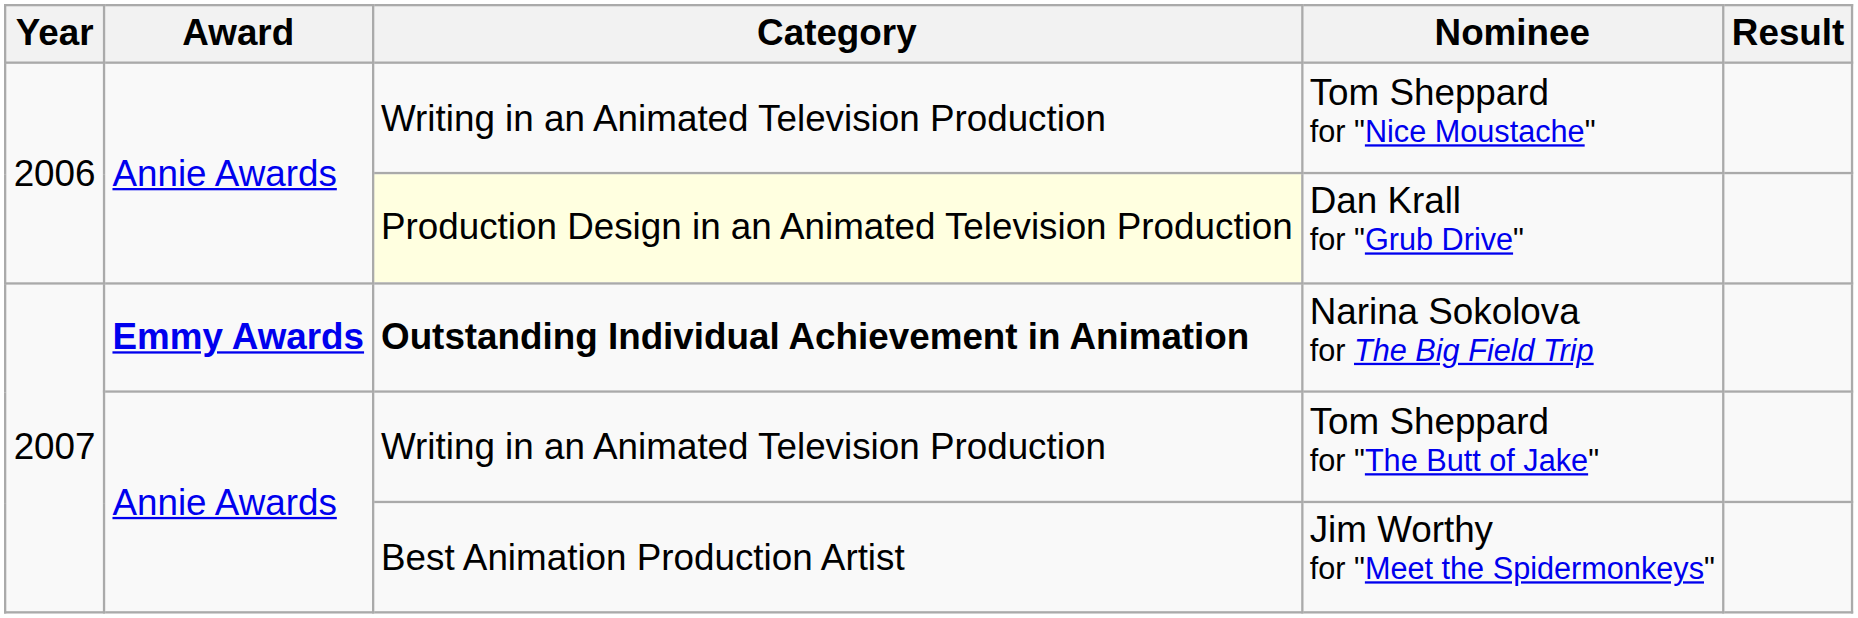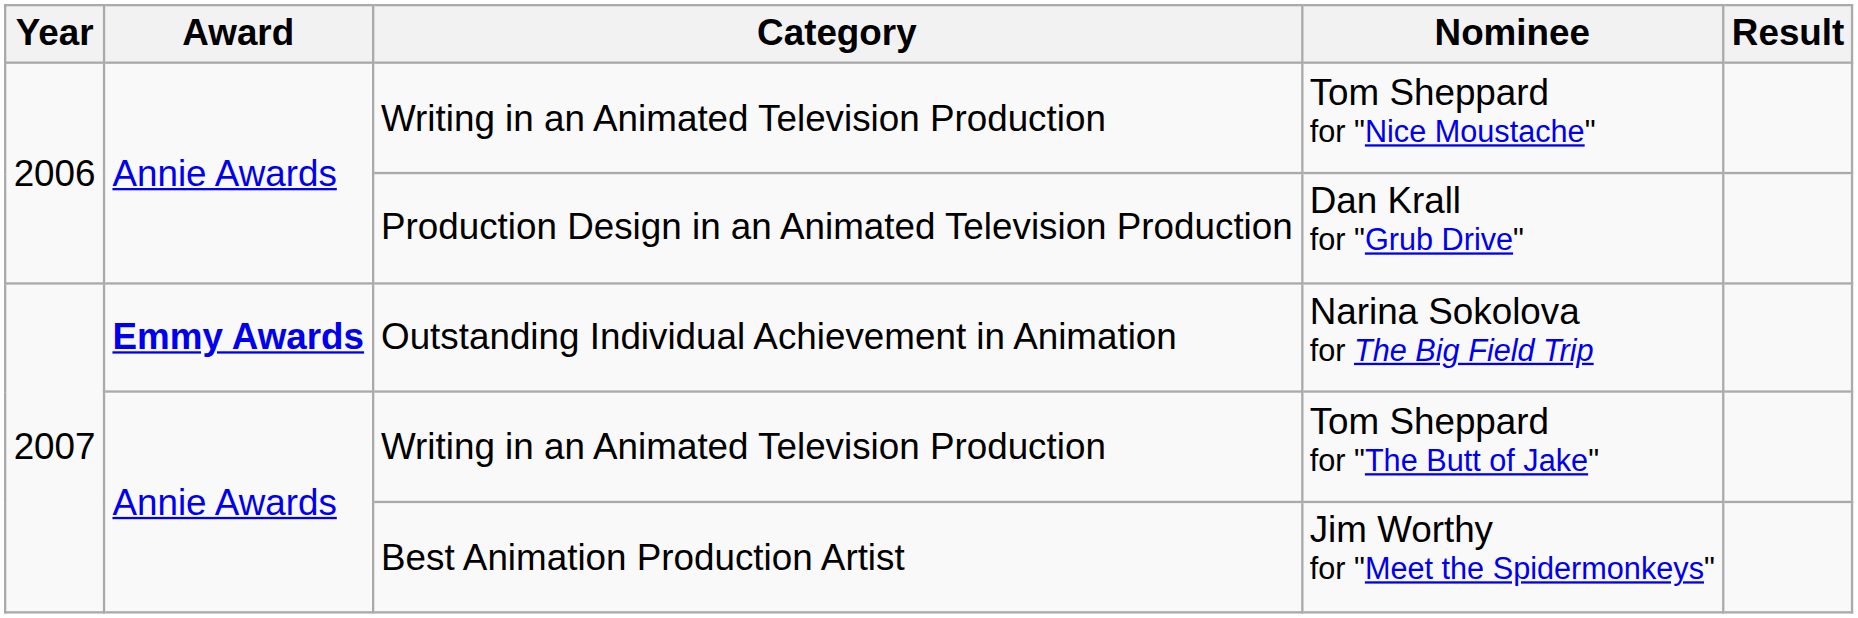 <table class="wikitable sortable">
 <tr>
 <th>Year</th>
 <th>Award</th>
 <th>Category</th>
 <th>Nominee</th>
 <th>Result</th>
 </tr>
 <tr>
 <td rowspan="2">2006</td>
 <td rowspan="2"><a href='#'>Annie Awards</a></td>
 <td>Writing in an Animated Television Production</td>
 <td>Tom Sheppard<br><sup>for "<a href='#'>Nice Moustache</a>"</sup></td>
 <td></td>
 </tr>
 <tr>
-<td style="background: lightyellow;">Production Design in an Animated Television Production</td>
+<td>Production Design in an Animated Television Production</td>
 <td>Dan Krall<br><sup>for "<a href='#'>Grub Drive</a>"</sup></td>
 <td></td>
 </tr>
 <tr>
 <td rowspan="3">2007</td>
 <td><strong><a href='#'>Emmy Awards</a></strong></td>
-<td><strong>Outstanding Individual Achievement in Animation</strong></td>
+<td>Outstanding Individual Achievement in Animation</td>
 <td>Narina Sokolova<br><sup>for <em><a href='#'>The Big Field Trip</a></em></sup></td>
 <td></td>
 </tr>
 <tr>
 <td rowspan="2"><a href='#'>Annie Awards</a></td>
 <td>Writing in an Animated Television Production</td>
 <td>Tom Sheppard<br><sup>for "<a href='#'>The Butt of Jake</a>"</sup></td>
 <td></td>
 </tr>
 <tr>
 <td>Best Animation Production Artist</td>
 <td>Jim Worthy<br><sup>for "<a href='#'>Meet the Spidermonkeys</a>"</sup></td>
 <td></td>
 </tr>
 </table>
